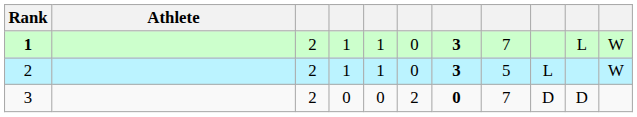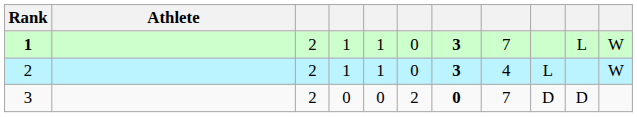 <table class="wikitable" style="text-align: center;">
 <tr>
 <th width=25>Rank</th>
 <th width=225>Athlete</th>
 <th width=25></th>
 <th width=25></th>
 <th width=25></th>
 <th width=25></th>
 <th width=40></th>
 <th width=40></th>
 <th width=25></th>
 <th width=25></th>
 <th width=25></th>
 </tr>
 <tr bgcolor=ccffcc>
 <td><strong>1</strong></td>
 <td align=left></td>
 <td>2</td>
 <td>1</td>
 <td>1</td>
 <td>0</td>
 <td><strong>3</strong></td>
 <td>7</td>
 <td></td>
 <td>L</td>
 <td>W</td>
 </tr>
 <tr bgcolor=bbf3ff>
 <td>2</td>
 <td align=left></td>
 <td>2</td>
 <td>1</td>
 <td>1</td>
 <td>0</td>
 <td><strong>3</strong></td>
-<td>5</td>
+<td>4</td>
 <td>L</td>
 <td></td>
 <td>W</td>
 </tr>
 <tr>
 <td>3</td>
 <td align=left></td>
 <td>2</td>
 <td>0</td>
 <td>0</td>
 <td>2</td>
 <td><strong>0</strong></td>
 <td>7</td>
 <td>D</td>
 <td>D</td>
 <td></td>
 </tr>
 </table>
